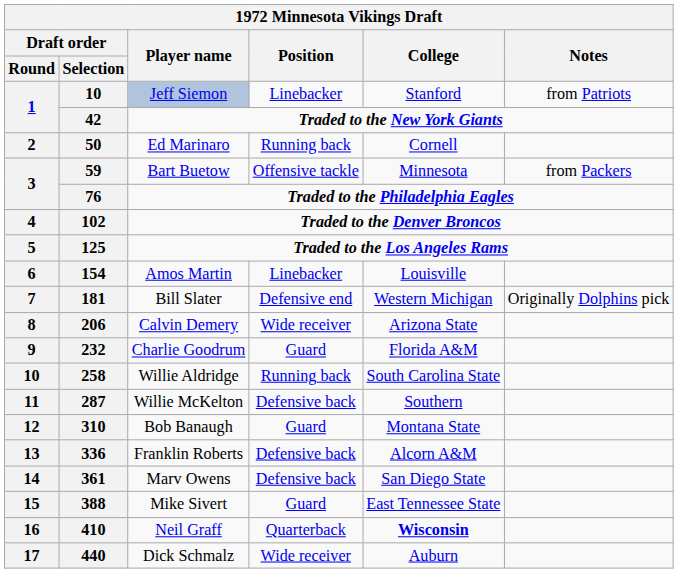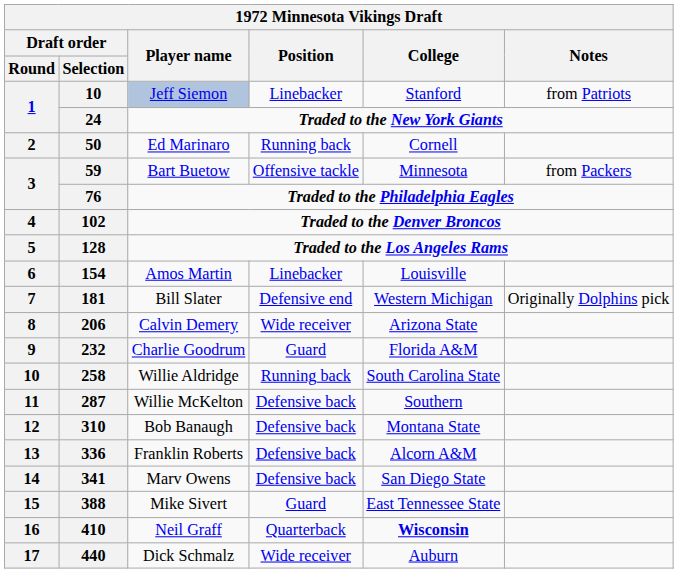 <table class="wikitable" style="text-align:center">
 <tr>
 <th colspan="6">1972 Minnesota Vikings Draft</th>
 </tr>
 <tr>
 <th colspan="2">Draft order</th>
 <th rowspan="2">Player name</th>
 <th rowspan="2">Position</th>
 <th rowspan="2">College</th>
 <th rowspan="2">Notes</th>
 </tr>
 <tr>
 <th>Round</th>
 <th>Selection</th>
 </tr>
 <tr>
 <th rowspan="2"><a href='#'>1</a></th>
 <th>10</th>
 <td bgcolor=lightsteelblue><a href='#'>Jeff Siemon</a></td>
 <td><a href='#'>Linebacker</a></td>
 <td><a href='#'>Stanford</a></td>
 <td>from <a href='#'>Patriots</a></td>
 </tr>
 <tr>
-<th>42</th>
+<th>24</th>
 <td colspan="4"><strong><em>Traded to the <a href='#'>New York Giants</a></em></strong></td>
 </tr>
 <tr>
 <th>2</th>
 <th>50</th>
 <td><a href='#'>Ed Marinaro</a></td>
 <td><a href='#'>Running back</a></td>
 <td><a href='#'>Cornell</a></td>
 <td></td>
 </tr>
 <tr>
 <th rowspan="2">3</th>
 <th>59</th>
 <td><a href='#'>Bart Buetow</a></td>
 <td><a href='#'>Offensive tackle</a></td>
 <td><a href='#'>Minnesota</a></td>
 <td>from <a href='#'>Packers</a></td>
 </tr>
 <tr>
 <th>76</th>
 <td colspan="4"><strong><em>Traded to the <a href='#'>Philadelphia Eagles</a></em></strong></td>
 </tr>
 <tr>
 <th>4</th>
 <th>102</th>
 <td colspan="4"><strong><em>Traded to the <a href='#'>Denver Broncos</a></em></strong></td>
 </tr>
 <tr>
 <th>5</th>
-<th>125</th>
+<th>128</th>
 <td colspan="4"><strong><em>Traded to the <a href='#'>Los Angeles Rams</a></em></strong></td>
 </tr>
 <tr>
 <th>6</th>
 <th>154</th>
 <td><a href='#'>Amos Martin</a></td>
 <td><a href='#'>Linebacker</a></td>
 <td><a href='#'>Louisville</a></td>
 <td></td>
 </tr>
 <tr>
 <th>7</th>
 <th>181</th>
 <td>Bill Slater</td>
 <td><a href='#'>Defensive end</a></td>
 <td><a href='#'>Western Michigan</a></td>
 <td>Originally <a href='#'>Dolphins</a> pick</td>
 </tr>
 <tr>
 <th>8</th>
 <th>206</th>
 <td><a href='#'>Calvin Demery</a></td>
 <td><a href='#'>Wide receiver</a></td>
 <td><a href='#'>Arizona State</a></td>
 <td></td>
 </tr>
 <tr>
 <th>9</th>
 <th>232</th>
 <td><a href='#'>Charlie Goodrum</a></td>
 <td><a href='#'>Guard</a></td>
 <td><a href='#'>Florida A&M</a></td>
 <td></td>
 </tr>
 <tr>
 <th>10</th>
 <th>258</th>
 <td>Willie Aldridge</td>
 <td><a href='#'>Running back</a></td>
 <td><a href='#'>South Carolina State</a></td>
 <td></td>
 </tr>
 <tr>
 <th>11</th>
 <th>287</th>
 <td>Willie McKelton</td>
 <td><a href='#'>Defensive back</a></td>
 <td><a href='#'>Southern</a></td>
 <td></td>
 </tr>
 <tr>
 <th>12</th>
 <th>310</th>
 <td>Bob Banaugh</td>
-<td><a href='#'>Guard</a></td>
+<td><a href='#'>Defensive back</a></td>
 <td><a href='#'>Montana State</a></td>
 <td></td>
 </tr>
 <tr>
 <th>13</th>
 <th>336</th>
 <td>Franklin Roberts</td>
 <td><a href='#'>Defensive back</a></td>
 <td><a href='#'>Alcorn A&M</a></td>
 <td></td>
 </tr>
 <tr>
 <th>14</th>
-<th>361</th>
+<th>341</th>
 <td>Marv Owens</td>
 <td><a href='#'>Defensive back</a></td>
 <td><a href='#'>San Diego State</a></td>
 <td></td>
 </tr>
 <tr>
 <th>15</th>
 <th>388</th>
 <td>Mike Sivert</td>
 <td><a href='#'>Guard</a></td>
 <td><a href='#'>East Tennessee State</a></td>
 <td></td>
 </tr>
 <tr>
 <th>16</th>
 <th>410</th>
 <td><a href='#'>Neil Graff</a></td>
 <td><a href='#'>Quarterback</a></td>
 <td><strong><a href='#'>Wisconsin</a></strong></td>
 <td></td>
 </tr>
 <tr>
 <th>17</th>
 <th>440</th>
 <td>Dick Schmalz</td>
 <td><a href='#'>Wide receiver</a></td>
 <td><a href='#'>Auburn</a></td>
 <td></td>
 </tr>
 </table>
